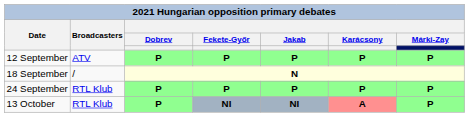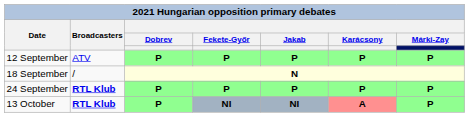 <table class="wikitable" style="text-justify: none">
 <tr>
 <th colspan="9" style="background:#B0C4DE">2021 Hungarian opposition primary debates</th>
 </tr>
 <tr style="font-size:small;">
 <th rowspan="3">Date</th>
 <th rowspan="3">Broadcasters</th>
 <th colspan="5" scope="col">    <br>   </th>
 </tr>
 <tr style="font-size:small;">
 <th scope="col"><a href='#'>Dobrev</a></th>
 <th scope="col"><a href='#'>Fekete-Győr</a></th>
 <th scope="col"><a href='#'>Jakab</a></th>
 <th scope="col"><a href='#'>Karácsony</a></th>
 <th scope="col"><a href='#'>Márki-Zay</a></th>
 </tr>
 <tr>
 <th style="width:6.5em; background:"></th>
 <th style="width:6.5em; background:"></th>
 <th style="width:6.5em; background:"></th>
 <th style="width:6.5em; background:"></th>
 <th style="width:6.5em; background:#001166;"></th>
 </tr>
 <tr>
 <td>12 September</td>
 <td><a href='#'>ATV</a></td>
 <td style="background:#90ff90; color:black; text-align:center;"><strong>P</strong></td>
 <td style="background:#90ff90; color:black; text-align:center;"><strong>P</strong></td>
 <td style="background:#90ff90; color:black; text-align:center;"><strong>P</strong></td>
 <td style="background:#90ff90; color:black; text-align:center;"><strong>P</strong></td>
 <td style="background:#90ff90; color:black; text-align:center;"><strong>P</strong></td>
 </tr>
 <tr>
 <td>18 September</td>
 <td> / </td>
 <td style="background:#FFD; color:black; text-align:center;" colspan="5"><strong>N</strong></td>
 </tr>
 <tr>
 <td>24 September</td>
-<td><a href='#'>RTL Klub</a></td>
+<td><strong><a href='#'>RTL Klub</a></strong></td>
 <td style="background:#90ff90; color:black; text-align:center;"><strong>P</strong></td>
 <td style="background:#90ff90; color:black; text-align:center;"><strong>P</strong></td>
 <td style="background:#90ff90; color:black; text-align:center;"><strong>P</strong></td>
 <td style="background:#90ff90; color:black; text-align:center;"><strong>P</strong></td>
 <td style="background:#90ff90; color:black; text-align:center;"><strong>P</strong></td>
 </tr>
 <tr>
 <td>13 October</td>
-<td><a href='#'>RTL Klub</a></td>
+<td><strong><a href='#'>RTL Klub</a></strong></td>
 <td style="background:#90ff90; color:black; text-align:center;"><strong>P</strong> </td>
 <td style="background:#A2B2C2; color:black; text-align:center;"><strong>NI</strong></td>
 <td style="background:#A2B2C2; color:black; text-align:center;"><strong>NI</strong></td>
 <td style="background:#ff9090; color:black; text-align:center;"><strong>A</strong>  </td>
 <td style="background:#90ff90; color:black; text-align:center;"><strong>P</strong> </td>
 </tr>
 </table>
